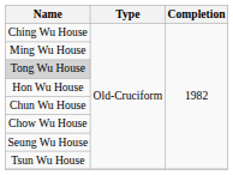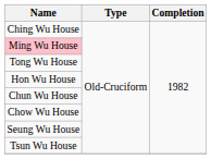 <table class="wikitable" style="text-align: center">
 <tr>
 <th>Name</th>
 <th>Type</th>
 <th>Completion</th>
 </tr>
 <tr>
 <td>Ching Wu House</td>
 <td rowspan="8">Old-Cruciform</td>
 <td rowspan="8">1982</td>
 </tr>
 <tr>
-<td>Ming Wu House</td>
+<td style="background: pink;">Ming Wu House</td>
 </tr>
 <tr>
-<td style="background: lightgrey;">Tong Wu House</td>
+<td>Tong Wu House</td>
 </tr>
 <tr>
 <td>Hon Wu House</td>
 </tr>
 <tr>
 <td>Chun Wu House</td>
 </tr>
 <tr>
 <td>Chow Wu House</td>
 </tr>
 <tr>
 <td>Seung Wu House</td>
 </tr>
 <tr>
 <td>Tsun Wu House</td>
 </tr>
 <tr>
 </tr>
 </table>
